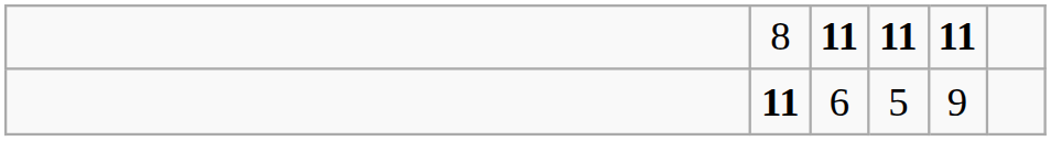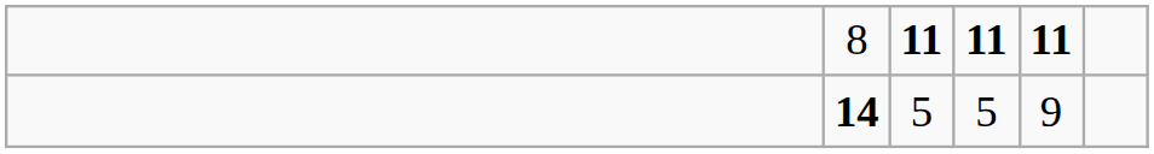 <table class="wikitable">
 <tr>
 <td style="width:18em"><strong></strong></td>
 <td align=center style="width:1em">8</td>
 <td align=center style="width:1em"><strong>11</strong></td>
 <td align=center style="width:1em"><strong>11</strong></td>
 <td align=center style="width:1em"><strong>11</strong></td>
 <td align=center style="width:1em"></td>
 </tr>
 <tr>
 <td style="width:18em"></td>
-<td align=center style="width:1em"><strong>11</strong></td>
-<td align=center style="width:1em">6</td>
+<td align=center style="width:1em"><strong>14</strong></td>
+<td align=center style="width:1em">5</td>
 <td align=center style="width:1em">5</td>
 <td align=center style="width:1em">9</td>
 <td align=center style="width:1em"></td>
 </tr>
 </table>
